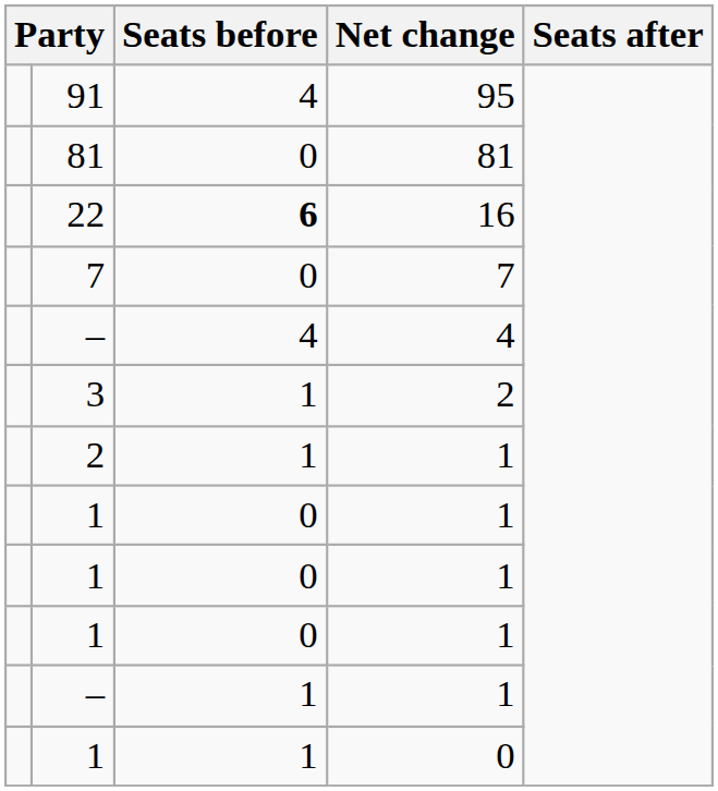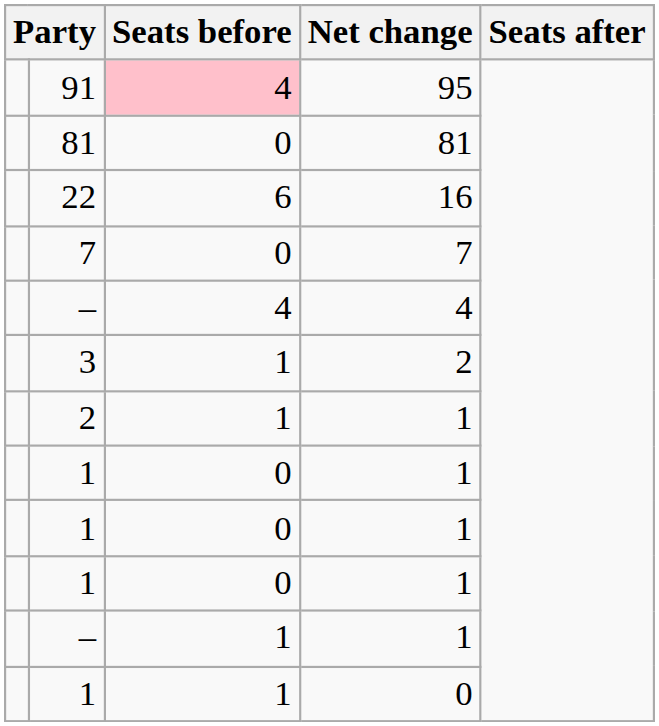 <table class=wikitable style="text-align:right">
 <tr>
 <th colspan="2">Party</th>
 <th>Seats before</th>
 <th>Net change</th>
 <th>Seats after</th>
 </tr>
 <tr>
 <td></td>
 <td>91</td>
-<td> 4</td>
+<td style="background: pink;"> 4</td>
 <td>95</td>
 </tr>
 <tr>
 <td></td>
 <td>81</td>
 <td> 0</td>
 <td>81</td>
 </tr>
 <tr>
 <td></td>
 <td>22</td>
-<td><strong> 6</strong></td>
+<td> 6</td>
 <td>16</td>
 </tr>
 <tr>
 <td></td>
 <td>7</td>
 <td> 0</td>
 <td>7</td>
 </tr>
 <tr>
 <td></td>
 <td>–</td>
 <td> 4</td>
 <td>4</td>
 </tr>
 <tr>
 <td></td>
 <td>3</td>
 <td> 1</td>
 <td>2</td>
 </tr>
 <tr>
 <td></td>
 <td>2</td>
 <td> 1</td>
 <td>1</td>
 </tr>
 <tr>
 <td></td>
 <td>1</td>
 <td> 0</td>
 <td>1</td>
 </tr>
 <tr>
 <td></td>
 <td>1</td>
 <td> 0</td>
 <td>1</td>
 </tr>
 <tr>
 <td></td>
 <td>1</td>
 <td> 0</td>
 <td>1</td>
 </tr>
 <tr>
 <td></td>
 <td>–</td>
 <td> 1</td>
 <td>1</td>
 </tr>
 <tr>
 <td></td>
 <td>1</td>
 <td> 1</td>
 <td>0</td>
 </tr>
 </table>
